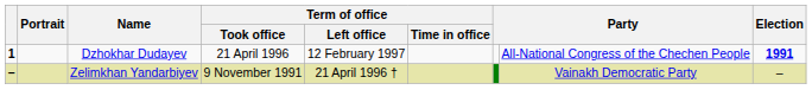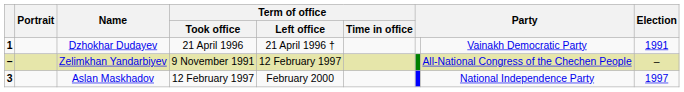 <table class="wikitable" style="text-align:center">
 <tr>
 <th rowspan=2></th>
 <th rowspan=2>Portrait</th>
 <th rowspan=2>Name<br></th>
 <th colspan=3>Term of office</th>
 <th colspan=2 rowspan=2>Party</th>
 <th rowspan=2>Election</th>
 </tr>
 <tr>
 <th>Took office</th>
 <th>Left office</th>
 <th>Time in office</th>
 </tr>
 <tr>
 <td><strong>1</strong></td>
 <td></td>
 <td><a href='#'>Dzhokhar Dudayev</a><br></td>
 <td>21 April 1996</td>
-<td>12 February 1997</td>
+<td>21 April 1996 †</td>
 <td></td>
 <td style="background: "></td>
-<td><a href='#'>All-National Congress of the Chechen People</a></td>
-<td 1991 Chechen presidential election><strong><a href='#'>1991</a></strong></td>
+<td><a href='#'>Vainakh Democratic Party</a></td>
+<td 1991 Chechen presidential election><a href='#'>1991</a></td>
 </tr>
 <tr style="background:#e6e6aa;">
 <td><strong>–</strong></td>
 <td></td>
 <td><a href='#'>Zelimkhan Yandarbiyev</a><br></td>
 <td>9 November 1991</td>
-<td>21 April 1996 †</td>
+<td>12 February 1997</td>
 <td></td>
 <td style="background: Green; color:white;"></td>
-<td><a href='#'>Vainakh Democratic Party</a></td>
+<td><a href='#'>All-National Congress of the Chechen People</a></td>
 <td>–</td>
 </tr>
+<tr>
+<td><strong>3</strong></td>
+<td></td>
+<td><a href='#'>Aslan Maskhadov</a><br></td>
+<td>12 February 1997</td>
+<td>February 2000</td>
+<td></td>
+<td style="background: Blue;"></td>
+<td><a href='#'>National Independence Party</a></td>
+<td><a href='#'>1997</a></td>
+</tr>
 </table>
